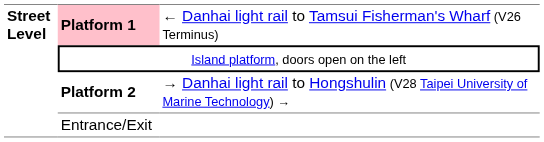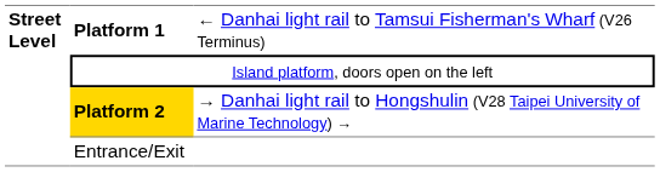 <table table border=0 cellspacing=0 cellpadding=3>
 <tr>
 <td style="border-top:solid 1px gray;border-bottom:solid 1px gray;" width=50 rowspan=10 valign=top><strong>Street Level</strong></td>
 </tr>
 <tr>
-<td style="background: pink; border-bottom:solid 0px gray;border-top:solid 1px gray;" width=100><strong>Platform 1</strong></td>
+<td style="border-bottom:solid 0px gray;border-top:solid 1px gray;" width=100><strong>Platform 1</strong></td>
 <td style="border-bottom:solid 0px gray;border-top:solid 1px gray;" width=390>←  <a href='#'>Danhai light rail</a> to <a href='#'>Tamsui Fisherman's Wharf</a><small> (V26 Terminus)</small></td>
 </tr>
 <tr>
 <td style="border-top:solid 2px black;border-right:solid 2px black;border-left:solid 2px black;border-bottom:solid 2px black;text-align:center;" colspan=2><small><a href='#'>Island platform</a>, doors open on the left</small></td>
 </tr>
 <tr>
-<td style="border-bottom:solid 1px gray;"><strong>Platform 2</strong></td>
+<td style="background: gold; border-bottom:solid 1px gray;"><strong>Platform 2</strong></td>
 <td style="border-bottom:solid 1px gray;"><span>→</span>  <a href='#'>Danhai light rail</a> to <a href='#'>Hongshulin</a><small> (V28 <a href='#'>Taipei University of Marine Technology</a>) →</small></td>
 </tr>
 <tr>
 <td style="border-bottom:solid 1px gray;" width=100 rowspan=2 valign=top>Entrance/Exit</td>
 <td style="border-bottom:solid 1px gray;" width=390 rowspan=2 valign=top></td>
 </tr>
 </table>
